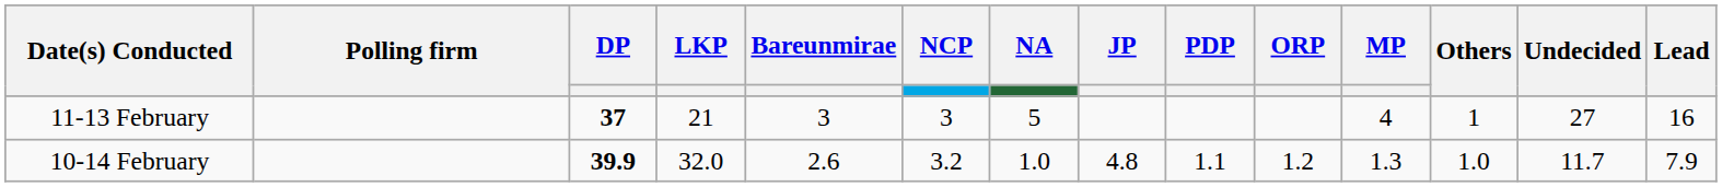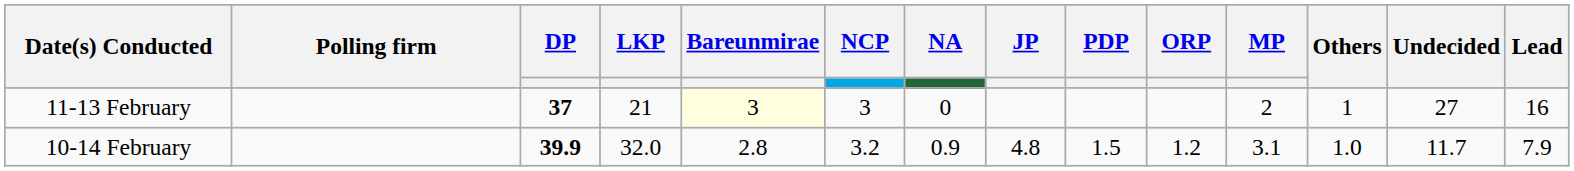 <table class="wikitable sortable" style="text-align:center; font-size:85%; line-height:16px; margin:0;">
 <tr style="height:42px; background-color:#E9E9E9; border 1px solid #aaaaaa;">
 <th style="width:125px;" rowspan="2">Date(s) Conducted</th>
 <th style="width:160px;" rowspan="2">Polling firm</th>
 <th class="unsortable" style="width:40px;"><a href='#'>DP</a></th>
 <th class="unsortable" style="width:40px;"><a href='#'>LKP</a></th>
 <th class="unsortable" style="width:40px;"><a href='#'>Bareunmirae</a></th>
 <th class="unsortable" style="width:40px;"><a href='#'>NCP</a></th>
 <th class="unsortable" style="width:40px;"><a href='#'>NA</a></th>
 <th class="unsortable" style="width:40px;"><a href='#'>JP</a></th>
 <th class="unsortable" style="width:40px;"><a href='#'>PDP</a></th>
 <th class="unsortable" style="width:40px;"><a href='#'>ORP</a></th>
 <th class="unsortable" style="width:40px;"><a href='#'>MP</a></th>
 <th style="width:30px;" rowspan="2" class="unsortable">Others</th>
 <th style="width:30px;" rowspan="2" class="unsortable">Undecided</th>
 <th style="width:30px;" rowspan="2" class="unsortable">Lead</th>
 </tr>
 <tr>
 <th style="background:"></th>
 <th style="background:"></th>
 <th style="background:"></th>
 <th style="background:#00A7E5;"></th>
 <th style="background:#236736"></th>
 <th style="background:"></th>
 <th style="background:"></th>
 <th style="background:"></th>
 <th style="background:"></th>
 </tr>
 <tr>
 <td data-sort-value="2020-02-14">11-13 February</td>
 <td></td>
 <td><strong>37</strong></td>
 <td>21</td>
+<td style="background: lightyellow;">3</td>
 <td>3</td>
-<td>3</td>
-<td>5</td>
+<td>0</td>
 <td></td>
 <td></td>
 <td></td>
-<td>4</td>
+<td>2</td>
 <td>1</td>
 <td>27</td>
 <td style="background:">16</td>
 </tr>
 <tr>
 <td data-sort-value="2020-02-17">10-14 February</td>
 <td></td>
 <td><strong>39.9</strong></td>
 <td>32.0</td>
-<td>2.6</td>
+<td>2.8</td>
 <td>3.2</td>
-<td>1.0</td>
+<td>0.9</td>
 <td>4.8</td>
-<td>1.1</td>
+<td>1.5</td>
 <td>1.2</td>
-<td>1.3</td>
+<td>3.1</td>
 <td>1.0</td>
 <td>11.7</td>
 <td style="background:">7.9</td>
 </tr>
 </table>
